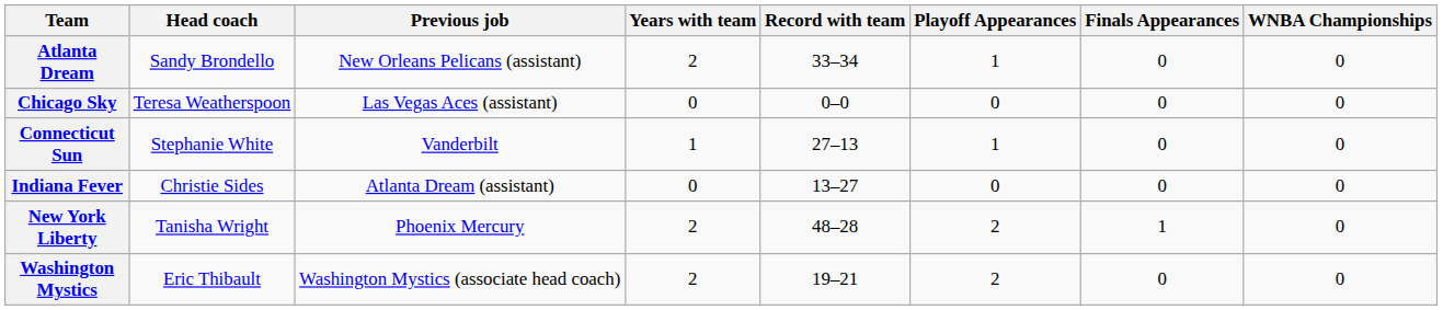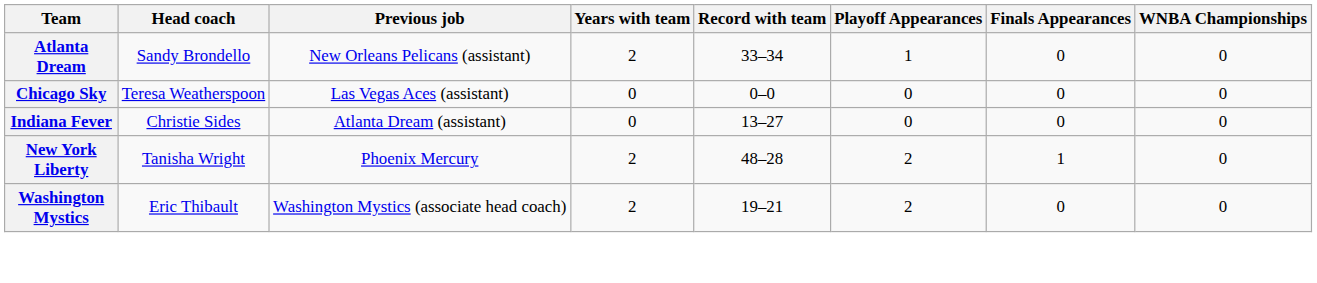 <table class="wikitable sortable" style="text-align: center;font-size:90%;">
 <tr>
 <th width="90">Team</th>
 <th>Head coach</th>
 <th>Previous job</th>
 <th>Years with team</th>
 <th>Record with team</th>
 <th>Playoff Appearances</th>
 <th>Finals Appearances</th>
 <th>WNBA Championships</th>
 </tr>
 <tr>
 <th><a href='#'><span>Atlanta Dream</span></a></th>
 <td><a href='#'>Sandy Brondello</a></td>
 <td><a href='#'>New Orleans Pelicans</a> (assistant)</td>
 <td>2</td>
 <td>33–34</td>
 <td>1</td>
 <td>0</td>
 <td>0</td>
 </tr>
 <tr>
 <th><a href='#'><span>Chicago Sky</span></a></th>
 <td><a href='#'>Teresa Weatherspoon</a></td>
 <td><a href='#'>Las Vegas Aces</a> (assistant)</td>
 <td>0</td>
 <td>0–0</td>
 <td>0</td>
-<td>0</td>
-<td>0</td>
-</tr>
-<tr>
-<th><a href='#'><span>Connecticut Sun</span></a></th>
-<td><a href='#'>Stephanie White</a></td>
-<td><a href='#'>Vanderbilt</a></td>
-<td>1</td>
-<td>27–13</td>
-<td>1</td>
 <td>0</td>
 <td>0</td>
 </tr>
 <tr>
 <th><a href='#'><span>Indiana Fever</span></a></th>
 <td><a href='#'>Christie Sides</a></td>
 <td><a href='#'>Atlanta Dream</a> (assistant)</td>
 <td>0</td>
 <td>13–27</td>
 <td>0</td>
 <td>0</td>
 <td>0</td>
 </tr>
 <tr>
 <th><a href='#'><span>New York Liberty</span></a></th>
 <td><a href='#'>Tanisha Wright</a></td>
 <td><a href='#'>Phoenix Mercury</a></td>
 <td>2</td>
 <td>48–28</td>
 <td>2</td>
 <td>1</td>
 <td>0</td>
 </tr>
 <tr>
 <th><a href='#'><span>Washington Mystics</span></a></th>
 <td><a href='#'>Eric Thibault</a></td>
 <td><a href='#'>Washington Mystics</a> (associate head coach)</td>
 <td>2</td>
 <td>19–21</td>
 <td>2</td>
 <td>0</td>
 <td>0</td>
 </tr>
 </table>
